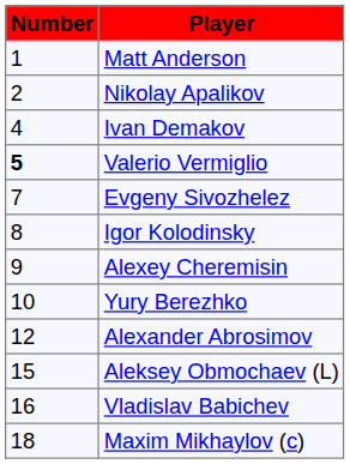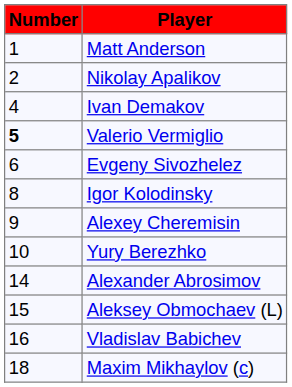 <table bgcolor="#f7f8ff" cellpadding="3" cellspacing="0" border="1" style="font-size: 95%; border: gray solid 1px; border-collapse: collapse;">
 <tr bgcolor="#ff0000">
 <td align=center><strong>Number</strong></td>
 <td align=center><strong>Player</strong></td>
 </tr>
 <tr align="left">
 <td>1</td>
 <td> <a href='#'>Matt Anderson</a></td>
 </tr>
 <tr align=left>
 <td>2</td>
 <td> <a href='#'>Nikolay Apalikov</a></td>
 </tr>
 <tr align="left">
 <td>4</td>
 <td> <a href='#'>Ivan Demakov</a></td>
 </tr>
 <tr align="left">
 <td><strong>5</strong></td>
 <td> <a href='#'>Valerio Vermiglio</a></td>
 </tr>
 <tr align="left">
-<td>7</td>
+<td>6</td>
 <td> <a href='#'>Evgeny Sivozhelez</a></td>
 </tr>
 <tr align="left">
 <td>8</td>
 <td> <a href='#'>Igor Kolodinsky</a></td>
 </tr>
 <tr align="left">
 <td>9</td>
 <td> <a href='#'>Alexey Cheremisin</a></td>
 </tr>
 <tr align="left">
 <td>10</td>
 <td> <a href='#'>Yury Berezhko</a></td>
 </tr>
 <tr align="left">
-<td>12</td>
+<td>14</td>
 <td> <a href='#'>Alexander Abrosimov</a></td>
 </tr>
 <tr align="left">
 <td>15</td>
 <td> <a href='#'>Aleksey Obmochaev</a> (L)</td>
 </tr>
 <tr align="left">
 <td>16</td>
 <td> <a href='#'>Vladislav Babichev</a></td>
 </tr>
 <tr align="left">
 <td>18</td>
 <td> <a href='#'>Maxim Mikhaylov</a> (<a href='#'>c</a>)</td>
 </tr>
 </table>
